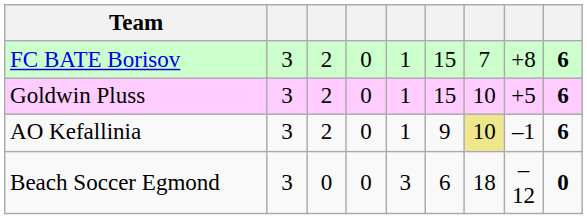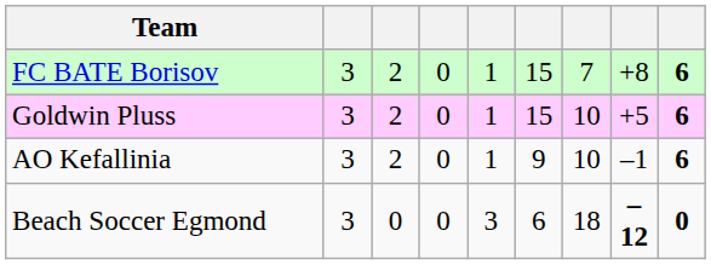 <table class="wikitable" style="text-align: center;">
 <tr>
 <th width="175">Team</th>
 <th width="20"></th>
 <th width="20"></th>
 <th width="20"></th>
 <th width="20"></th>
 <th width="20"></th>
 <th width="20"></th>
 <th width="20"></th>
 <th width="20"></th>
 </tr>
 <tr style="background-color: #ccffcc;">
 <td align=left> <a href='#'>FC BATE Borisov</a></td>
 <td>3</td>
 <td>2</td>
 <td>0</td>
 <td>1</td>
 <td>15</td>
 <td>7</td>
 <td>+8</td>
 <td><strong>6</strong></td>
 </tr>
 <tr style="background-color: #ffccff;">
 <td align=left> Goldwin Pluss</td>
 <td>3</td>
 <td>2</td>
 <td>0</td>
 <td>1</td>
 <td>15</td>
 <td>10</td>
 <td>+5</td>
 <td><strong>6</strong></td>
 </tr>
 <tr>
 <td align=left> AO Kefallinia</td>
 <td>3</td>
 <td>2</td>
 <td>0</td>
 <td>1</td>
 <td>9</td>
-<td style="background: khaki;">10</td>
+<td>10</td>
 <td>–1</td>
 <td><strong>6</strong></td>
 </tr>
 <tr>
 <td align=left> Beach Soccer Egmond</td>
 <td>3</td>
 <td>0</td>
 <td>0</td>
 <td>3</td>
 <td>6</td>
 <td>18</td>
-<td>–12</td>
+<td><strong>–12</strong></td>
 <td><strong>0</strong></td>
 </tr>
 </table>
